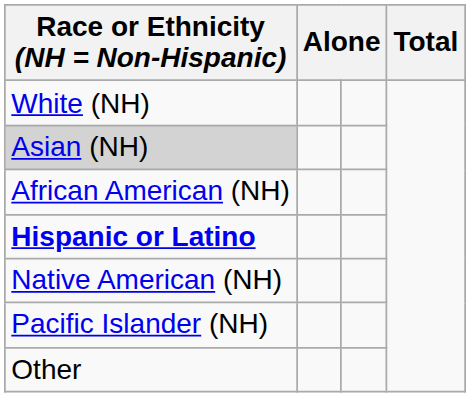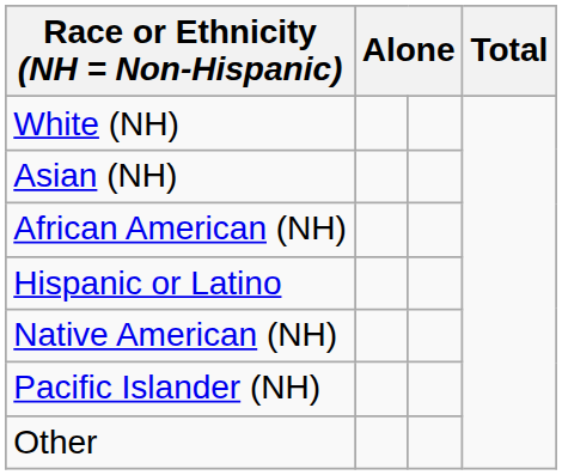 <table class="wikitable sortable collapsible"; text-align:right; font-size:80%;>
 <tr>
 <th>Race or Ethnicity<br> <em>(NH = Non-Hispanic)</em></th>
 <th colspan="2" data-sort-type=number>Alone</th>
 <th colspan="2" data-sort-type=number>Total</th>
 </tr>
 <tr>
 <td><a href='#'>White</a> (NH)</td>
 <td aline=right></td>
 <td aline=right></td>
 </tr>
 <tr>
-<td style="background: lightgrey;"><a href='#'>Asian</a> (NH)</td>
+<td><a href='#'>Asian</a> (NH)</td>
 <td aline=right></td>
 <td aline=right></td>
 </tr>
 <tr>
 <td><a href='#'>African American</a> (NH)</td>
 <td aline=right></td>
 <td aline=right></td>
 </tr>
 <tr>
-<td><strong><a href='#'>Hispanic or Latino</a></strong></td>
+<td><a href='#'>Hispanic or Latino</a></td>
 <td aline=right></td>
 <td aline=right></td>
 </tr>
 <tr>
 <td><a href='#'>Native American</a> (NH)</td>
 <td aline=right></td>
 <td aline=right></td>
 </tr>
 <tr>
 <td><a href='#'>Pacific Islander</a> (NH)</td>
 <td aline=right></td>
 <td aline=right></td>
 </tr>
 <tr>
 <td>Other</td>
 <td aline=right></td>
 <td aline=right></td>
 </tr>
 </table>
